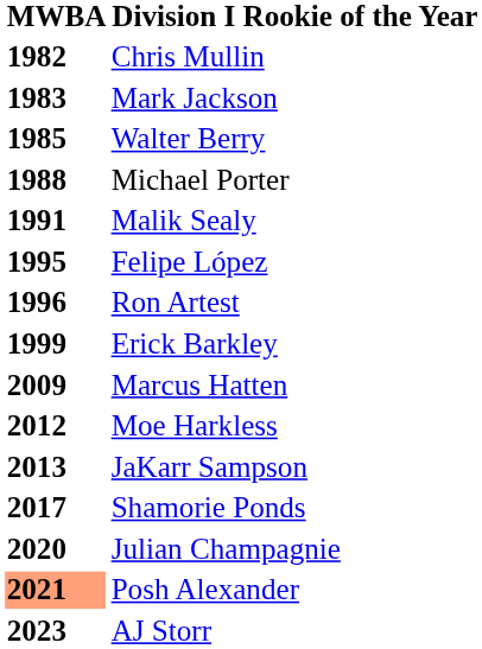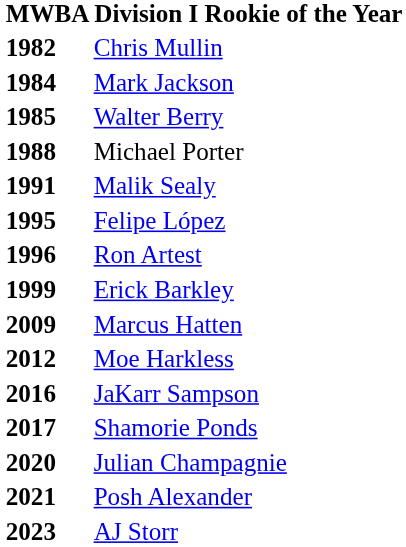 <table>
 <tr>
 <th colspan="2">MWBA Division I Rookie of the Year</th>
 </tr>
 <tr>
 <td><strong>1982</strong></td>
 <td><a href='#'>Chris Mullin</a></td>
 </tr>
 <tr>
-<td><strong>1983</strong></td>
+<td><strong>1984</strong></td>
 <td><a href='#'>Mark Jackson</a></td>
 </tr>
 <tr>
 <td><strong>1985</strong></td>
 <td><a href='#'>Walter Berry</a></td>
 </tr>
 <tr>
 <td><strong>1988</strong></td>
 <td>Michael Porter</td>
 </tr>
 <tr>
 <td><strong>1991</strong></td>
 <td><a href='#'>Malik Sealy</a></td>
 </tr>
 <tr>
 <td><strong>1995</strong></td>
 <td><a href='#'>Felipe López</a></td>
 </tr>
 <tr>
 <td><strong>1996</strong></td>
 <td><a href='#'>Ron Artest</a></td>
 </tr>
 <tr>
 <td><strong>1999</strong></td>
 <td><a href='#'>Erick Barkley</a></td>
 </tr>
 <tr>
 <td><strong>2009</strong></td>
 <td><a href='#'>Marcus Hatten</a></td>
 </tr>
 <tr>
 <td><strong>2012</strong></td>
 <td><a href='#'>Moe Harkless</a></td>
 </tr>
 <tr>
-<td><strong>2013</strong></td>
+<td><strong>2016</strong></td>
 <td><a href='#'>JaKarr Sampson</a></td>
 </tr>
 <tr>
 <td><strong>2017</strong></td>
 <td><a href='#'>Shamorie Ponds</a></td>
 </tr>
 <tr>
 <td><strong>2020</strong></td>
 <td><a href='#'>Julian Champagnie</a></td>
 </tr>
 <tr>
-<td style="background: lightsalmon;"><strong>2021</strong></td>
+<td><strong>2021</strong></td>
 <td><a href='#'>Posh Alexander</a></td>
 </tr>
 <tr>
 <td><strong>2023</strong></td>
 <td><a href='#'>AJ Storr</a></td>
 </tr>
 </table>
